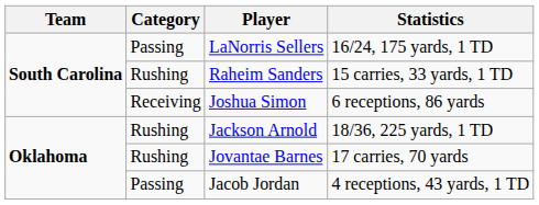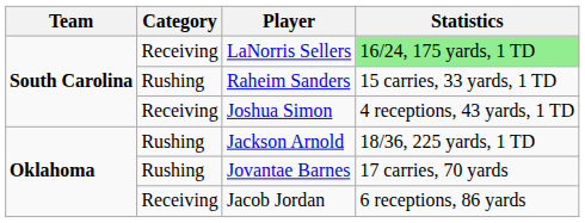 <table class="wikitable" style="float: right;">
 <tr>
 <th>Team</th>
 <th>Category</th>
 <th>Player</th>
 <th>Statistics</th>
 </tr>
 <tr>
 <td rowspan=3><strong>South Carolina</strong></td>
-<td>Passing</td>
+<td>Receiving</td>
 <td><a href='#'>LaNorris Sellers</a></td>
-<td>16/24, 175 yards, 1 TD</td>
+<td style="background: lightgreen;">16/24, 175 yards, 1 TD</td>
 </tr>
 <tr>
 <td>Rushing</td>
 <td><a href='#'>Raheim Sanders</a></td>
 <td>15 carries, 33 yards, 1 TD</td>
 </tr>
 <tr>
 <td>Receiving</td>
 <td><a href='#'>Joshua Simon</a></td>
-<td>6 receptions, 86 yards</td>
+<td>4 receptions, 43 yards, 1 TD</td>
 </tr>
 <tr>
 <td rowspan=3><strong>Oklahoma </strong></td>
 <td>Rushing</td>
 <td><a href='#'>Jackson Arnold</a></td>
 <td>18/36, 225 yards, 1 TD</td>
 </tr>
 <tr>
 <td>Rushing</td>
 <td><a href='#'>Jovantae Barnes</a></td>
 <td>17 carries, 70 yards</td>
 </tr>
 <tr>
-<td>Passing</td>
+<td>Receiving</td>
 <td>Jacob Jordan</td>
-<td>4 receptions, 43 yards, 1 TD</td>
+<td>6 receptions, 86 yards</td>
 </tr>
 </table>
